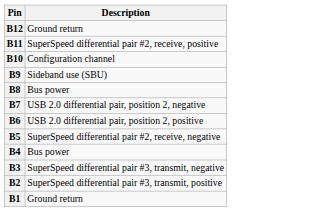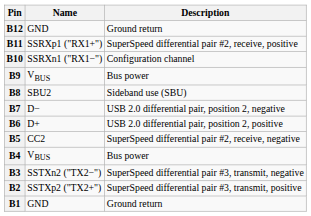 <table class="wikitable" style="display: inline-table;">
 <tr>
 <th scope="col">Pin</th>
+<th scope="col">Name</th>
 <th scope="col">Description</th>
 </tr>
 <tr>
 <th scope="row">B12</th>
+<td>GND</td>
 <td>Ground return</td>
 </tr>
 <tr>
 <th scope="row">B11</th>
+<td>SSRXp1 ("RX1+")</td>
 <td>SuperSpeed differential pair #2, receive, positive</td>
 </tr>
 <tr>
 <th scope="row">B10</th>
+<td>SSRXn1 ("RX1−")</td>
 <td>Configuration channel</td>
 </tr>
 <tr>
 <th scope="row">B9</th>
+<td>V<sub>BUS</sub></td>
+<td>Bus power</td>
+</tr>
+<tr>
+<th scope="row">B8</th>
+<td>SBU2</td>
 <td>Sideband use (SBU)</td>
 </tr>
 <tr>
-<th scope="row">B8</th>
-<td>Bus power</td>
-</tr>
-<tr>
 <th scope="row">B7</th>
+<td>D−</td>
 <td>USB 2.0 differential pair, position 2, negative</td>
 </tr>
 <tr>
 <th scope="row">B6</th>
+<td>D+</td>
 <td>USB 2.0 differential pair, position 2, positive</td>
 </tr>
 <tr>
 <th scope="row">B5</th>
+<td>CC2</td>
 <td>SuperSpeed differential pair #2, receive, negative</td>
 </tr>
 <tr>
 <th scope="row">B4</th>
+<td>V<sub>BUS</sub></td>
 <td>Bus power</td>
 </tr>
 <tr>
 <th scope="row">B3</th>
+<td>SSTXn2 ("TX2−")</td>
 <td>SuperSpeed differential pair #3, transmit, negative</td>
 </tr>
 <tr>
 <th scope="row">B2</th>
+<td>SSTXp2 ("TX2+")</td>
 <td>SuperSpeed differential pair #3, transmit, positive</td>
 </tr>
 <tr>
 <th scope="row">B1</th>
+<td>GND</td>
 <td>Ground return</td>
 </tr>
 </table>
